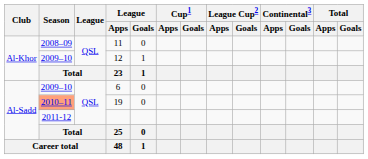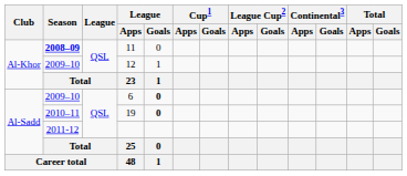 <table class="wikitable" style="font-size:90%; text-align:center;">
 <tr>
 <th rowspan="2">Club</th>
 <th rowspan="2">Season</th>
 <th rowspan="2">League</th>
 <th colspan="2">League</th>
 <th colspan="2">Cup<sup><a href='#'>1</a></sup></th>
 <th colspan="2">League Cup<sup><a href='#'>2</a></sup></th>
 <th colspan="2">Continental<sup><a href='#'>3</a></sup></th>
 <th colspan="2">Total</th>
 </tr>
 <tr>
 <th>Apps</th>
 <th>Goals</th>
 <th>Apps</th>
 <th>Goals</th>
 <th>Apps</th>
 <th>Goals</th>
 <th>Apps</th>
 <th>Goals</th>
 <th>Apps</th>
 <th>Goals</th>
 </tr>
 <tr>
 <td rowspan="3"><a href='#'>Al-Khor</a></td>
-<td><a href='#'>2008–09</a></td>
+<td><strong><a href='#'>2008–09</a></strong></td>
 <td rowspan="2" valign="center"><a href='#'>QSL</a></td>
 <td>11</td>
 <td>0</td>
 <td></td>
 <td></td>
 <td></td>
 <td></td>
 <td></td>
 <td></td>
 <td></td>
 <td></td>
 </tr>
 <tr>
 <td><a href='#'>2009–10</a></td>
 <td>12</td>
 <td>1</td>
 <td></td>
 <td></td>
 <td></td>
 <td></td>
 <td></td>
 <td></td>
 <td></td>
 <td></td>
 </tr>
 <tr>
 <th colspan="2">Total</th>
 <th>23</th>
 <th>1</th>
 <th></th>
 <th></th>
 <th></th>
 <th></th>
 <th></th>
 <th></th>
 <th></th>
 <th></th>
 </tr>
 <tr>
 <td rowspan="4"><a href='#'>Al-Sadd</a></td>
 <td><a href='#'>2009–10</a></td>
 <td rowspan="3" valign="center"><a href='#'>QSL</a></td>
 <td>6</td>
-<td>0</td>
+<td><strong>0</strong></td>
 <td></td>
 <td></td>
 <td></td>
 <td></td>
 <td></td>
 <td></td>
 <td></td>
 <td></td>
 </tr>
 <tr>
-<td style="background: lightsalmon;"><a href='#'>2010–11</a></td>
+<td><a href='#'>2010–11</a></td>
 <td>19</td>
-<td>0</td>
+<td><strong>0</strong></td>
 <td></td>
 <td></td>
 <td></td>
 <td></td>
 <td></td>
 <td></td>
 <td></td>
 <td></td>
 </tr>
 <tr>
 <td><a href='#'>2011-12</a></td>
 <td></td>
 <td></td>
 <td></td>
 <td></td>
 <td></td>
 <td></td>
 <td></td>
 <td></td>
 <td></td>
 <td></td>
 </tr>
 <tr>
 <th colspan="2">Total</th>
 <th>25</th>
 <th>0</th>
 <th></th>
 <th></th>
 <th></th>
 <th></th>
 <th></th>
 <th></th>
 <th></th>
 <th></th>
 </tr>
 <tr>
 <th colspan="3">Career total</th>
 <th>48</th>
 <th>1</th>
 <th></th>
 <th></th>
 <th></th>
 <th></th>
 <th></th>
 <th></th>
 <th></th>
 <th></th>
 </tr>
 </table>
